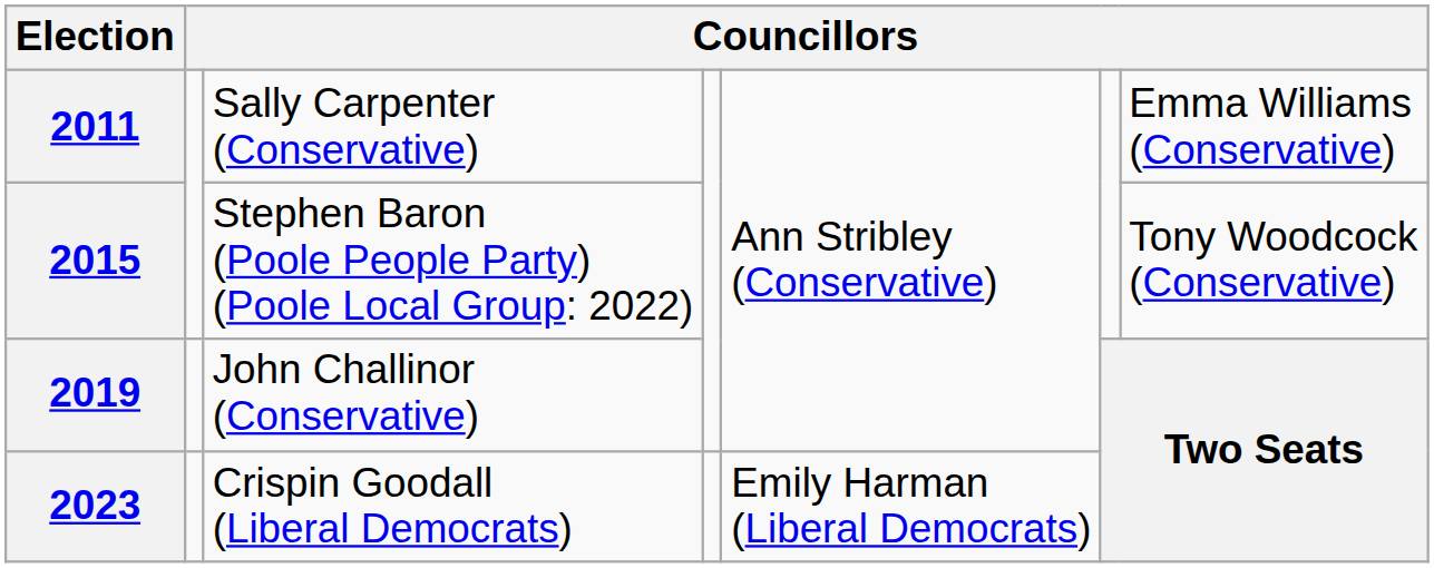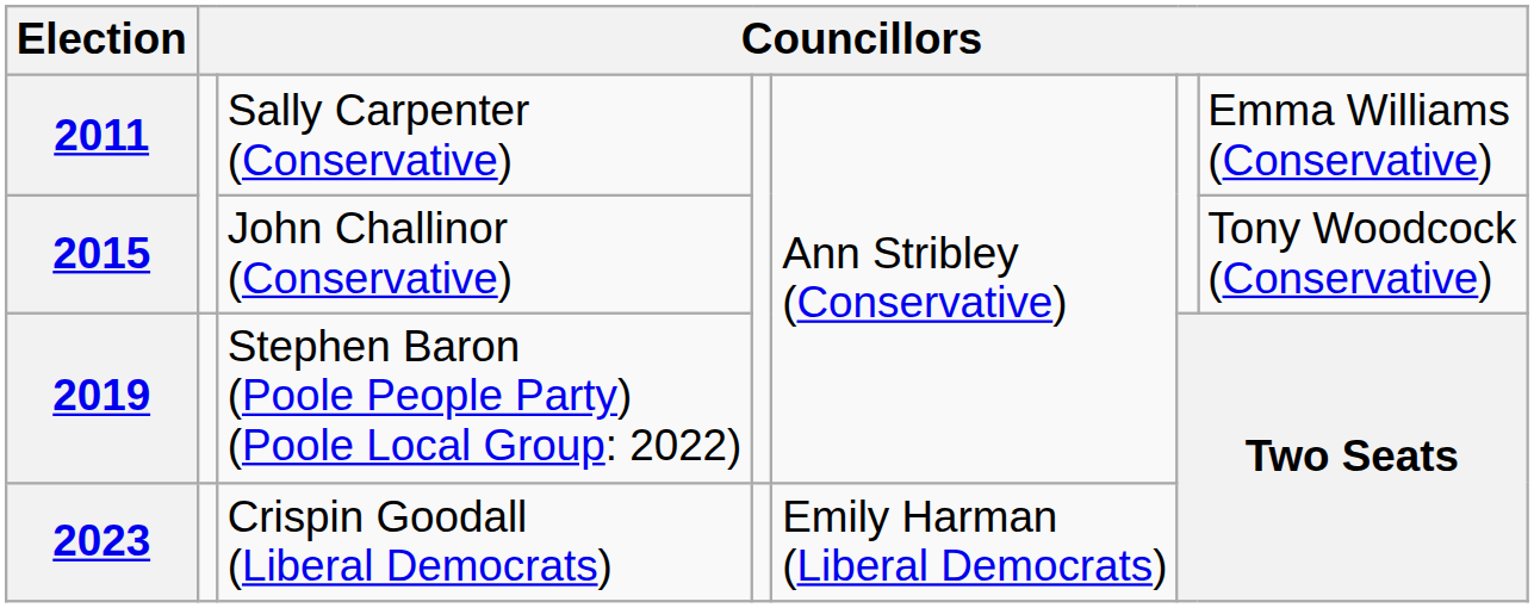 <table class="wikitable">
 <tr>
 <th>Election</th>
 <th colspan="6">Councillors</th>
 </tr>
 <tr>
 <th><a href='#'>2011</a></th>
 <td rowspan="2" style="background-color: "></td>
 <td>Sally Carpenter<br>(<a href='#'>Conservative</a>)</td>
 <td rowspan="3" style="background-color: "></td>
 <td rowspan="3">Ann Stribley<br>(<a href='#'>Conservative</a>)</td>
 <td rowspan="2" style="background-color: "></td>
 <td>Emma Williams<br>(<a href='#'>Conservative</a>)</td>
 </tr>
 <tr>
 <th><a href='#'>2015</a></th>
-<td>Stephen Baron<br>(<a href='#'>Poole People Party</a>)<br>(<a href='#'>Poole Local Group</a>: 2022)</td>
+<td>John Challinor<br>(<a href='#'>Conservative</a>)</td>
 <td>Tony Woodcock<br>(<a href='#'>Conservative</a>)</td>
 </tr>
 <tr>
 <th><a href='#'>2019</a></th>
 <td style="background-color: "></td>
-<td>John Challinor<br>(<a href='#'>Conservative</a>)</td>
+<td>Stephen Baron<br>(<a href='#'>Poole People Party</a>)<br>(<a href='#'>Poole Local Group</a>: 2022)</td>
 <th colspan="2" rowspan="2">Two Seats</th>
 </tr>
 <tr>
 <th><a href='#'>2023</a></th>
 <td rowspan="1;" style="background-color: "></td>
 <td>Crispin Goodall<br>(<a href='#'>Liberal Democrats</a>)</td>
 <td rowspan="1;" style="background-color: "></td>
 <td>Emily Harman<br>(<a href='#'>Liberal Democrats</a>)</td>
 </tr>
 </table>
